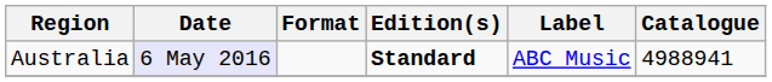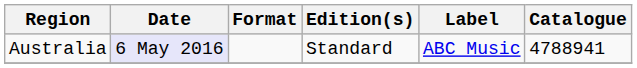 <table class="wikitable plainrowheaders">
 <tr>
 <th scope="col">Region</th>
 <th scope="col">Date</th>
 <th scope="col">Format</th>
 <th scope="col">Edition(s)</th>
 <th scope="col">Label</th>
 <th scope="col">Catalogue</th>
 </tr>
 <tr>
 <td>Australia</td>
 <td style="background: lavender;">6 May 2016</td>
 <td></td>
-<td><strong>Standard</strong></td>
+<td>Standard</td>
 <td><a href='#'>ABC Music</a></td>
-<td>4988941</td>
+<td>4788941</td>
 </tr>
 <tr>
 </tr>
 </table>
